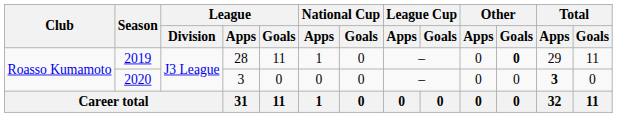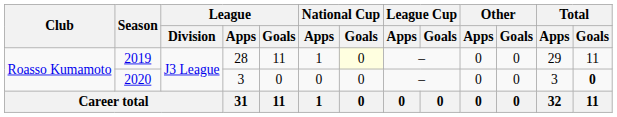 <table class="wikitable" style="text-align: center">
 <tr>
 <th rowspan="2">Club</th>
 <th rowspan="2">Season</th>
 <th colspan="3">League</th>
 <th colspan="2">National Cup</th>
 <th colspan="2">League Cup</th>
 <th colspan="2">Other</th>
 <th colspan="2">Total</th>
 </tr>
 <tr>
 <th>Division</th>
 <th>Apps</th>
 <th>Goals</th>
 <th>Apps</th>
 <th>Goals</th>
 <th>Apps</th>
 <th>Goals</th>
 <th>Apps</th>
 <th>Goals</th>
 <th>Apps</th>
 <th>Goals</th>
 </tr>
 <tr>
 <td rowspan="2"><a href='#'>Roasso Kumamoto</a></td>
 <td><a href='#'>2019</a></td>
 <td rowspan="2"><a href='#'>J3 League</a></td>
 <td>28</td>
 <td>11</td>
 <td>1</td>
-<td>0</td>
+<td style="background: lightyellow;">0</td>
 <td colspan="2">–</td>
 <td>0</td>
-<td><strong>0</strong></td>
+<td>0</td>
 <td>29</td>
 <td>11</td>
 </tr>
 <tr>
 <td><a href='#'>2020</a></td>
 <td>3</td>
 <td>0</td>
 <td>0</td>
 <td>0</td>
 <td colspan="2">–</td>
 <td>0</td>
 <td>0</td>
-<td><strong>3</strong></td>
-<td>0</td>
+<td>3</td>
+<td><strong>0</strong></td>
 </tr>
 <tr>
 <th colspan=3>Career total</th>
 <th>31</th>
 <th>11</th>
 <th>1</th>
 <th>0</th>
 <th>0</th>
 <th>0</th>
 <th>0</th>
 <th>0</th>
 <th>32</th>
 <th>11</th>
 </tr>
 </table>
